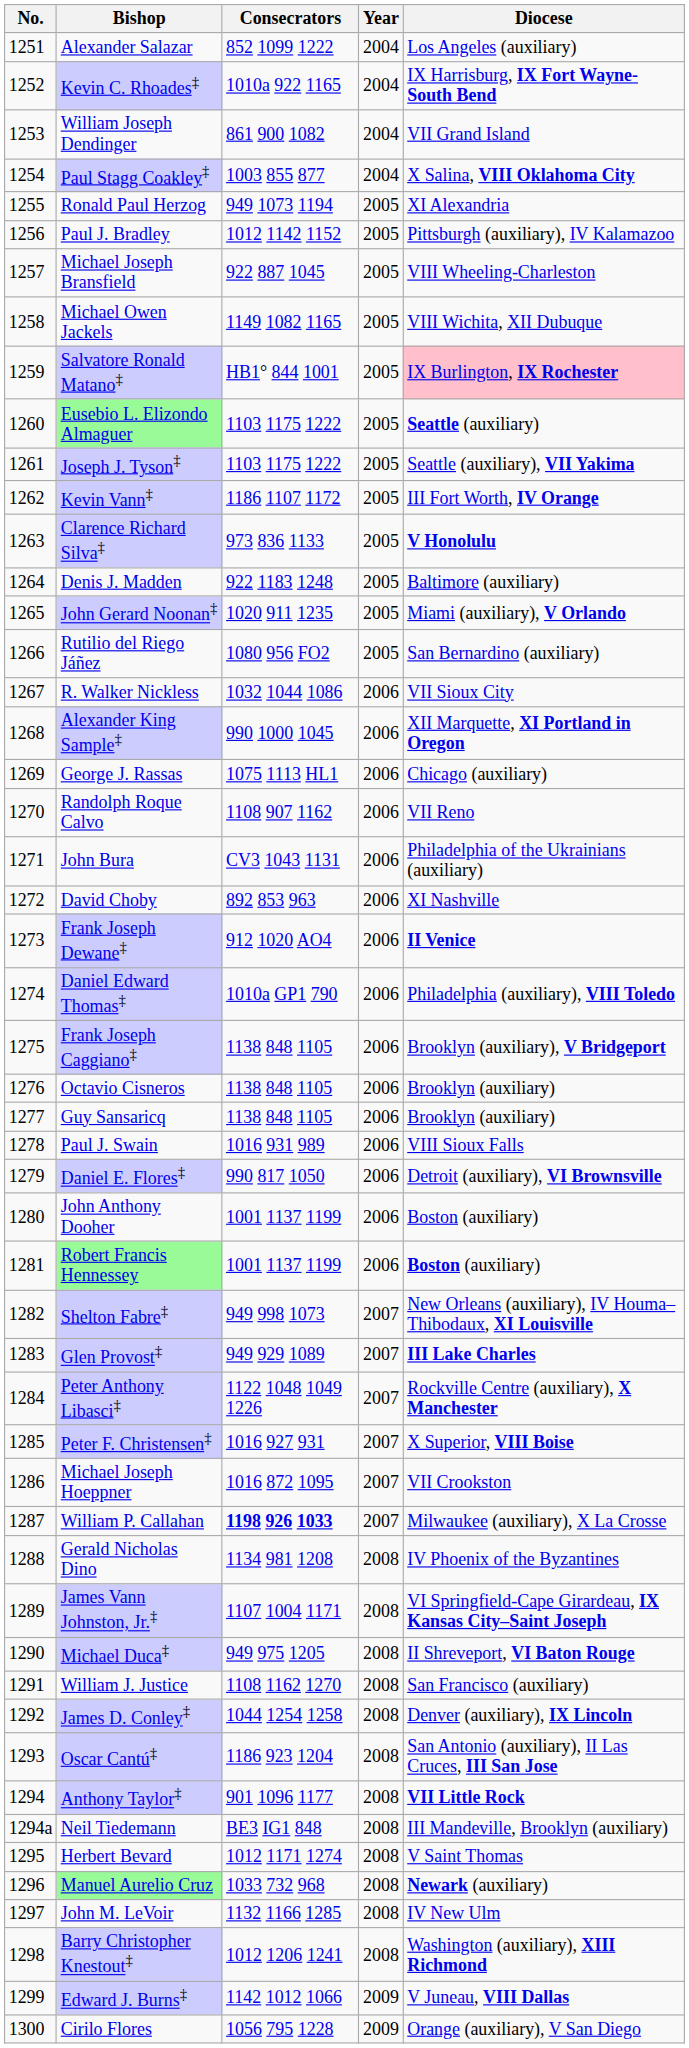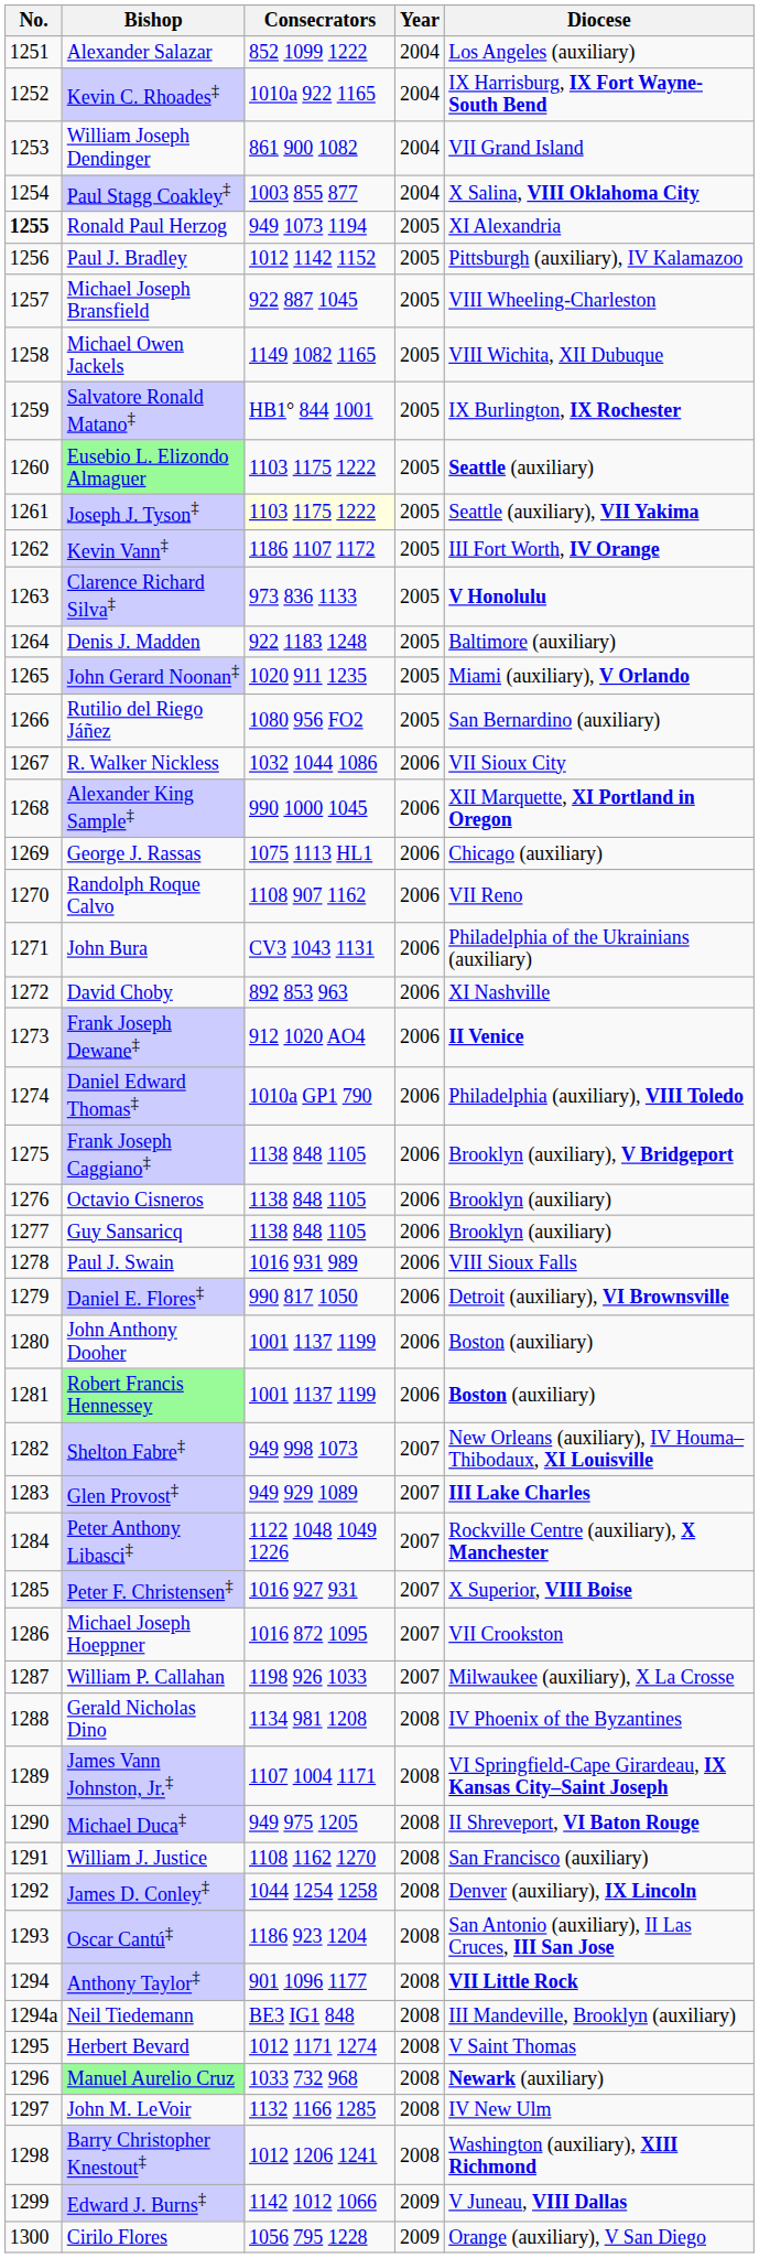 <table class="wikitable">
 <tr>
 <th>No.</th>
 <th>Bishop</th>
 <th>Consecrators</th>
 <th>Year</th>
 <th>Diocese</th>
 </tr>
 <tr>
 <td>1251</td>
 <td><a href='#'>Alexander Salazar</a></td>
 <td><a href='#'>852</a> <a href='#'>1099</a> <a href='#'>1222</a></td>
 <td>2004</td>
 <td><a href='#'>Los Angeles</a> (auxiliary)</td>
 </tr>
 <tr>
 <td>1252</td>
 <td bgcolor="ccccff"><a href='#'>Kevin C. Rhoades</a><sup>‡</sup></td>
 <td><a href='#'>1010a</a> <a href='#'>922</a> <a href='#'>1165</a></td>
 <td>2004</td>
 <td><a href='#'>IX Harrisburg</a>, <strong><a href='#'>IX Fort Wayne-South Bend</a></strong></td>
 </tr>
 <tr>
 <td>1253</td>
 <td><a href='#'>William Joseph Dendinger</a></td>
 <td><a href='#'>861</a> <a href='#'>900</a> <a href='#'>1082</a></td>
 <td>2004</td>
 <td><a href='#'>VII Grand Island</a></td>
 </tr>
 <tr>
 <td>1254</td>
 <td bgcolor="ccccff"><a href='#'>Paul Stagg Coakley</a><sup>‡</sup></td>
 <td><a href='#'>1003</a> <a href='#'>855</a> <a href='#'>877</a></td>
 <td>2004</td>
 <td><a href='#'>X Salina</a>, <strong><a href='#'>VIII Oklahoma City</a></strong></td>
 </tr>
 <tr>
-<td>1255</td>
+<td><strong>1255</strong></td>
 <td><a href='#'>Ronald Paul Herzog</a></td>
 <td><a href='#'>949</a> <a href='#'>1073</a> <a href='#'>1194</a></td>
 <td>2005</td>
 <td><a href='#'>XI Alexandria</a></td>
 </tr>
 <tr>
 <td>1256</td>
 <td><a href='#'>Paul J. Bradley</a></td>
 <td><a href='#'>1012</a> <a href='#'>1142</a> <a href='#'>1152</a></td>
 <td>2005</td>
 <td><a href='#'>Pittsburgh</a> (auxiliary), <a href='#'>IV Kalamazoo</a></td>
 </tr>
 <tr>
 <td>1257</td>
 <td><a href='#'>Michael Joseph Bransfield</a></td>
 <td><a href='#'>922</a> <a href='#'>887</a> <a href='#'>1045</a></td>
 <td>2005</td>
 <td><a href='#'>VIII Wheeling-Charleston</a></td>
 </tr>
 <tr>
 <td>1258</td>
 <td><a href='#'>Michael Owen Jackels</a></td>
 <td><a href='#'>1149</a> <a href='#'>1082</a> <a href='#'>1165</a></td>
 <td>2005</td>
 <td><a href='#'>VIII Wichita</a>, <a href='#'>XII Dubuque</a></td>
 </tr>
 <tr>
 <td>1259</td>
 <td bgcolor="ccccff"><a href='#'>Salvatore Ronald Matano</a><sup>‡</sup></td>
 <td><a href='#'>HB1</a>° <a href='#'>844</a> <a href='#'>1001</a></td>
 <td>2005</td>
-<td style="background: pink;"><a href='#'>IX Burlington</a>, <strong><a href='#'>IX Rochester</a></strong></td>
+<td><a href='#'>IX Burlington</a>, <strong><a href='#'>IX Rochester</a></strong></td>
 </tr>
 <tr>
 <td>1260</td>
 <td bgcolor="#98FB98"><a href='#'>Eusebio L. Elizondo Almaguer</a></td>
 <td><a href='#'>1103</a> <a href='#'>1175</a> <a href='#'>1222</a></td>
 <td>2005</td>
 <td><strong><a href='#'>Seattle</a></strong> (auxiliary)</td>
 </tr>
 <tr>
 <td>1261</td>
 <td bgcolor="ccccff"><a href='#'>Joseph J. Tyson</a><sup>‡</sup></td>
-<td><a href='#'>1103</a> <a href='#'>1175</a> <a href='#'>1222</a></td>
+<td style="background: lightyellow;"><a href='#'>1103</a> <a href='#'>1175</a> <a href='#'>1222</a></td>
 <td>2005</td>
 <td><a href='#'>Seattle</a> (auxiliary), <strong><a href='#'>VII Yakima</a></strong></td>
 </tr>
 <tr>
 <td>1262</td>
 <td bgcolor="ccccff"><a href='#'>Kevin Vann</a><sup>‡</sup></td>
 <td><a href='#'>1186</a> <a href='#'>1107</a> <a href='#'>1172</a></td>
 <td>2005</td>
 <td><a href='#'>III Fort Worth</a>, <strong><a href='#'>IV Orange</a></strong></td>
 </tr>
 <tr>
 <td>1263</td>
 <td bgcolor="ccccff"><a href='#'>Clarence Richard Silva</a><sup>‡</sup></td>
 <td><a href='#'>973</a> <a href='#'>836</a> <a href='#'>1133</a></td>
 <td>2005</td>
 <td><strong><a href='#'>V Honolulu</a></strong></td>
 </tr>
 <tr>
 <td>1264</td>
 <td><a href='#'>Denis J. Madden</a></td>
 <td><a href='#'>922</a> <a href='#'>1183</a> <a href='#'>1248</a></td>
 <td>2005</td>
 <td><a href='#'>Baltimore</a> (auxiliary)</td>
 </tr>
 <tr>
 <td>1265</td>
 <td bgcolor="ccccff"><a href='#'>John Gerard Noonan</a><sup>‡</sup></td>
 <td><a href='#'>1020</a> <a href='#'>911</a> <a href='#'>1235</a></td>
 <td>2005</td>
 <td><a href='#'>Miami</a> (auxiliary), <strong><a href='#'>V Orlando</a></strong></td>
 </tr>
 <tr>
 <td>1266</td>
 <td><a href='#'>Rutilio del Riego Jáñez</a></td>
 <td><a href='#'>1080</a> <a href='#'>956</a> <a href='#'>FO2</a></td>
 <td>2005</td>
 <td><a href='#'>San Bernardino</a> (auxiliary)</td>
 </tr>
 <tr>
 <td>1267</td>
 <td><a href='#'>R. Walker Nickless</a></td>
 <td><a href='#'>1032</a> <a href='#'>1044</a> <a href='#'>1086</a></td>
 <td>2006</td>
 <td><a href='#'>VII Sioux City</a></td>
 </tr>
 <tr>
 <td>1268</td>
 <td bgcolor="ccccff"><a href='#'>Alexander King Sample</a><sup>‡</sup></td>
 <td><a href='#'>990</a> <a href='#'>1000</a> <a href='#'>1045</a></td>
 <td>2006</td>
 <td><a href='#'>XII Marquette</a>, <strong><a href='#'>XI Portland in Oregon</a></strong></td>
 </tr>
 <tr>
 <td>1269</td>
 <td><a href='#'>George J. Rassas</a></td>
 <td><a href='#'>1075</a> <a href='#'>1113</a> <a href='#'>HL1</a></td>
 <td>2006</td>
 <td><a href='#'>Chicago</a> (auxiliary)</td>
 </tr>
 <tr>
 <td>1270</td>
 <td><a href='#'>Randolph Roque Calvo</a></td>
 <td><a href='#'>1108</a> <a href='#'>907</a> <a href='#'>1162</a></td>
 <td>2006</td>
 <td><a href='#'>VII Reno</a></td>
 </tr>
 <tr>
 <td>1271</td>
 <td><a href='#'>John Bura</a></td>
 <td><a href='#'>CV3</a> <a href='#'>1043</a> <a href='#'>1131</a></td>
 <td>2006</td>
 <td><a href='#'>Philadelphia of the Ukrainians</a> (auxiliary)</td>
 </tr>
 <tr>
 <td>1272</td>
 <td><a href='#'>David Choby</a></td>
 <td><a href='#'>892</a> <a href='#'>853</a> <a href='#'>963</a></td>
 <td>2006</td>
 <td><a href='#'>XI Nashville</a></td>
 </tr>
 <tr>
 <td>1273</td>
 <td bgcolor="ccccff"><a href='#'>Frank Joseph Dewane</a><sup>‡</sup></td>
 <td><a href='#'>912</a> <a href='#'>1020</a> <a href='#'>AO4</a></td>
 <td>2006</td>
 <td><strong><a href='#'>II Venice</a></strong></td>
 </tr>
 <tr>
 <td>1274</td>
 <td bgcolor="ccccff"><a href='#'>Daniel Edward Thomas</a><sup>‡</sup></td>
 <td><a href='#'>1010a</a> <a href='#'>GP1</a> <a href='#'>790</a></td>
 <td>2006</td>
 <td><a href='#'>Philadelphia</a> (auxiliary), <strong><a href='#'>VIII Toledo</a></strong></td>
 </tr>
 <tr>
 <td>1275</td>
 <td bgcolor="ccccff"><a href='#'>Frank Joseph Caggiano</a><sup>‡</sup></td>
 <td><a href='#'>1138</a> <a href='#'>848</a> <a href='#'>1105</a></td>
 <td>2006</td>
 <td><a href='#'>Brooklyn</a> (auxiliary), <strong><a href='#'>V Bridgeport</a></strong></td>
 </tr>
 <tr>
 <td>1276</td>
 <td><a href='#'>Octavio Cisneros</a></td>
 <td><a href='#'>1138</a> <a href='#'>848</a> <a href='#'>1105</a></td>
 <td>2006</td>
 <td><a href='#'>Brooklyn</a> (auxiliary)</td>
 </tr>
 <tr>
 <td>1277</td>
 <td><a href='#'>Guy Sansaricq</a></td>
 <td><a href='#'>1138</a> <a href='#'>848</a> <a href='#'>1105</a></td>
 <td>2006</td>
 <td><a href='#'>Brooklyn</a> (auxiliary)</td>
 </tr>
 <tr>
 <td>1278</td>
 <td><a href='#'>Paul J. Swain</a></td>
 <td><a href='#'>1016</a> <a href='#'>931</a> <a href='#'>989</a></td>
 <td>2006</td>
 <td><a href='#'>VIII Sioux Falls</a></td>
 </tr>
 <tr>
 <td>1279</td>
 <td bgcolor="ccccff"><a href='#'>Daniel E. Flores</a><sup>‡</sup></td>
 <td><a href='#'>990</a> <a href='#'>817</a> <a href='#'>1050</a></td>
 <td>2006</td>
 <td><a href='#'>Detroit</a> (auxiliary), <strong><a href='#'>VI Brownsville</a></strong></td>
 </tr>
 <tr>
 <td>1280</td>
 <td><a href='#'>John Anthony Dooher</a></td>
 <td><a href='#'>1001</a> <a href='#'>1137</a> <a href='#'>1199</a></td>
 <td>2006</td>
 <td><a href='#'>Boston</a> (auxiliary)</td>
 </tr>
 <tr>
 <td>1281</td>
 <td bgcolor="#98FB98"><a href='#'>Robert Francis Hennessey</a></td>
 <td><a href='#'>1001</a> <a href='#'>1137</a> <a href='#'>1199</a></td>
 <td>2006</td>
 <td><strong><a href='#'>Boston</a></strong> (auxiliary)</td>
 </tr>
 <tr>
 <td>1282</td>
 <td bgcolor="ccccff"><a href='#'>Shelton Fabre</a><sup>‡</sup></td>
 <td><a href='#'>949</a> <a href='#'>998</a> <a href='#'>1073</a></td>
 <td>2007</td>
 <td><a href='#'>New Orleans</a> (auxiliary), <a href='#'>IV Houma–Thibodaux</a>, <strong><a href='#'>XI Louisville</a></strong></td>
 </tr>
 <tr>
 <td>1283</td>
 <td bgcolor="ccccff"><a href='#'>Glen Provost</a><sup>‡</sup></td>
 <td><a href='#'>949</a> <a href='#'>929</a> <a href='#'>1089</a></td>
 <td>2007</td>
 <td><strong><a href='#'>III Lake Charles</a></strong></td>
 </tr>
 <tr>
 <td>1284</td>
 <td bgcolor="ccccff"><a href='#'>Peter Anthony Libasci</a><sup>‡</sup></td>
 <td><a href='#'>1122</a> <a href='#'>1048</a> <a href='#'>1049</a> <a href='#'>1226</a></td>
 <td>2007</td>
 <td><a href='#'>Rockville Centre</a> (auxiliary), <strong><a href='#'>X Manchester</a></strong></td>
 </tr>
 <tr>
 <td>1285</td>
 <td bgcolor="ccccff"><a href='#'>Peter F. Christensen</a><sup>‡</sup></td>
 <td><a href='#'>1016</a> <a href='#'>927</a> <a href='#'>931</a></td>
 <td>2007</td>
 <td><a href='#'>X Superior</a>, <strong><a href='#'>VIII Boise</a></strong></td>
 </tr>
 <tr>
 <td>1286</td>
 <td><a href='#'>Michael Joseph Hoeppner</a></td>
 <td><a href='#'>1016</a> <a href='#'>872</a> <a href='#'>1095</a></td>
 <td>2007</td>
 <td><a href='#'>VII Crookston</a></td>
 </tr>
 <tr>
 <td>1287</td>
 <td><a href='#'>William P. Callahan</a></td>
-<td><strong><a href='#'>1198</a> <a href='#'>926</a> <a href='#'>1033</a></strong></td>
+<td><a href='#'>1198</a> <a href='#'>926</a> <a href='#'>1033</a></td>
 <td>2007</td>
 <td><a href='#'>Milwaukee</a> (auxiliary), <a href='#'>X La Crosse</a></td>
 </tr>
 <tr>
 <td>1288</td>
 <td><a href='#'>Gerald Nicholas Dino</a></td>
 <td><a href='#'>1134</a> <a href='#'>981</a> <a href='#'>1208</a></td>
 <td>2008</td>
 <td><a href='#'>IV Phoenix of the Byzantines</a></td>
 </tr>
 <tr>
 <td>1289</td>
 <td bgcolor="ccccff"><a href='#'>James Vann Johnston, Jr.</a><sup>‡</sup></td>
 <td><a href='#'>1107</a> <a href='#'>1004</a> <a href='#'>1171</a></td>
 <td>2008</td>
 <td><a href='#'>VI Springfield-Cape Girardeau</a>, <strong><a href='#'>IX Kansas City–Saint Joseph</a></strong></td>
 </tr>
 <tr>
 <td>1290</td>
 <td bgcolor="ccccff"><a href='#'>Michael Duca</a><sup>‡</sup></td>
 <td><a href='#'>949</a> <a href='#'>975</a> <a href='#'>1205</a></td>
 <td>2008</td>
 <td><a href='#'>II Shreveport</a>, <strong><a href='#'>VI Baton Rouge</a></strong></td>
 </tr>
 <tr>
 <td>1291</td>
 <td><a href='#'>William J. Justice</a></td>
 <td><a href='#'>1108</a> <a href='#'>1162</a> <a href='#'>1270</a></td>
 <td>2008</td>
 <td><a href='#'>San Francisco</a> (auxiliary)</td>
 </tr>
 <tr>
 <td>1292</td>
 <td bgcolor="ccccff"><a href='#'>James D. Conley</a><sup>‡</sup></td>
 <td><a href='#'>1044</a> <a href='#'>1254</a> <a href='#'>1258</a></td>
 <td>2008</td>
 <td><a href='#'>Denver</a> (auxiliary), <strong><a href='#'>IX Lincoln</a></strong></td>
 </tr>
 <tr>
 <td>1293</td>
 <td bgcolor="ccccff"><a href='#'>Oscar Cantú</a><sup>‡</sup></td>
 <td><a href='#'>1186</a> <a href='#'>923</a> <a href='#'>1204</a></td>
 <td>2008</td>
 <td><a href='#'>San Antonio</a> (auxiliary), <a href='#'>II Las Cruces</a>, <strong><a href='#'>III San Jose</a></strong></td>
 </tr>
 <tr>
 <td>1294</td>
 <td bgcolor="ccccff"><a href='#'>Anthony Taylor</a><sup>‡</sup></td>
 <td><a href='#'>901</a> <a href='#'>1096</a> <a href='#'>1177</a></td>
 <td>2008</td>
 <td><strong><a href='#'>VII Little Rock</a></strong></td>
 </tr>
 <tr>
 <td>1294a</td>
 <td><a href='#'>Neil Tiedemann</a></td>
 <td><a href='#'>BE3</a> <a href='#'>IG1</a> <a href='#'>848</a></td>
 <td>2008</td>
 <td><a href='#'>III Mandeville</a>, <a href='#'>Brooklyn</a> (auxiliary)</td>
 </tr>
 <tr>
 <td>1295</td>
 <td><a href='#'>Herbert Bevard</a></td>
 <td><a href='#'>1012</a> <a href='#'>1171</a> <a href='#'>1274</a></td>
 <td>2008</td>
 <td><a href='#'>V Saint Thomas</a></td>
 </tr>
 <tr>
 <td>1296</td>
 <td bgcolor="#98FB98"><a href='#'>Manuel Aurelio Cruz</a></td>
 <td><a href='#'>1033</a> <a href='#'>732</a> <a href='#'>968</a></td>
 <td>2008</td>
 <td><strong><a href='#'>Newark</a></strong> (auxiliary)</td>
 </tr>
 <tr>
 <td>1297</td>
 <td><a href='#'>John M. LeVoir</a></td>
 <td><a href='#'>1132</a> <a href='#'>1166</a> <a href='#'>1285</a></td>
 <td>2008</td>
 <td><a href='#'>IV New Ulm</a></td>
 </tr>
 <tr>
 <td>1298</td>
 <td bgcolor="ccccff"><a href='#'>Barry Christopher Knestout</a><sup>‡</sup></td>
 <td><a href='#'>1012</a> <a href='#'>1206</a> <a href='#'>1241</a></td>
 <td>2008</td>
 <td><a href='#'>Washington</a> (auxiliary), <strong><a href='#'>XIII Richmond</a></strong></td>
 </tr>
 <tr>
 <td>1299</td>
 <td bgcolor="ccccff"><a href='#'>Edward J. Burns</a><sup>‡</sup></td>
 <td><a href='#'>1142</a> <a href='#'>1012</a> <a href='#'>1066</a></td>
 <td>2009</td>
 <td><a href='#'>V Juneau</a>, <strong><a href='#'>VIII Dallas</a></strong></td>
 </tr>
 <tr>
 <td>1300</td>
 <td><a href='#'>Cirilo Flores</a></td>
 <td><a href='#'>1056</a> <a href='#'>795</a> <a href='#'>1228</a></td>
 <td>2009</td>
 <td><a href='#'>Orange</a> (auxiliary), <a href='#'>V San Diego</a></td>
 </tr>
 </table>
